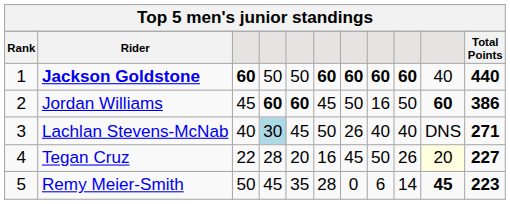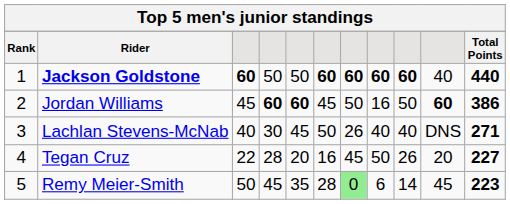 <table class="wikitable sortable">
 <tr>
 <th colspan=27 align="center"><strong>Top 5 men's junior standings</strong></th>
 </tr>
 <tr>
 </tr>
 <tr style="font-size:8pt;font-weight:bold">
 <th align="center">Rank</th>
 <th align="center">Rider</th>
 <th class=unsortable style="background:#E5E4E2;"><small></small></th>
 <th class=unsortable style="background:#E5E4E2;"><small></small></th>
 <th class=unsortable style="background:#E5E4E2;"><small></small></th>
 <th class=unsortable style="background:#E5E4E2;"><small></small></th>
 <th class=unsortable style="background:#E5E4E2;"><small></small></th>
 <th class=unsortable style="background:#E5E4E2;"><small></small></th>
 <th class=unsortable style="background:#E5E4E2;"><small></small></th>
 <th class=unsortable style="background:#E5E4E2;"><small></small></th>
 <th align="center">Total<br>Points</th>
 </tr>
 <tr>
 <td align=center>1</td>
 <td> <strong><a href='#'>Jackson Goldstone</a></strong></td>
 <td align=center><strong>60</strong></td>
 <td align=center>50</td>
 <td align=center>50</td>
 <td align=center><strong>60</strong></td>
 <td align=center><strong>60</strong></td>
 <td align=center><strong>60</strong></td>
 <td align=center><strong>60</strong></td>
 <td align=center>40</td>
 <td align=center><strong>440</strong></td>
 </tr>
 <tr>
 <td align=center>2</td>
 <td> <a href='#'>Jordan Williams</a></td>
 <td align=center>45</td>
 <td align=center><strong>60</strong></td>
 <td align=center><strong>60</strong></td>
 <td align=center>45</td>
 <td align=center>50</td>
 <td align=center>16</td>
 <td align=center>50</td>
 <td align=center><strong>60</strong></td>
 <td align=center><strong>386</strong></td>
 </tr>
 <tr>
 <td align=center>3</td>
 <td> <a href='#'>Lachlan Stevens-McNab</a></td>
 <td align=center>40</td>
-<td align=center style="background: lightblue;">30</td>
+<td align=center>30</td>
 <td align=center>45</td>
 <td align=center>50</td>
 <td align=center>26</td>
 <td align=center>40</td>
 <td align=center>40</td>
 <td align=center>DNS</td>
 <td align=center><strong>271</strong></td>
 </tr>
 <tr>
 <td align=center>4</td>
 <td> <a href='#'>Tegan Cruz</a></td>
 <td align=center>22</td>
 <td align=center>28</td>
 <td align=center>20</td>
 <td align=center>16</td>
 <td align=center>45</td>
 <td align=center>50</td>
 <td align=center>26</td>
-<td align=center style="background: lightyellow;">20</td>
+<td align=center>20</td>
 <td align=center><strong>227</strong></td>
 </tr>
 <tr>
 <td align=center>5</td>
 <td> <a href='#'>Remy Meier-Smith</a></td>
 <td align=center>50</td>
 <td align=center>45</td>
 <td align=center>35</td>
 <td align=center>28</td>
-<td align=center>0</td>
+<td align=center style="background: lightgreen;">0</td>
 <td align=center>6</td>
 <td align=center>14</td>
-<td align=center><strong>45</strong></td>
+<td align=center>45</td>
 <td align=center><strong>223</strong><br></td>
 </tr>
 </table>
